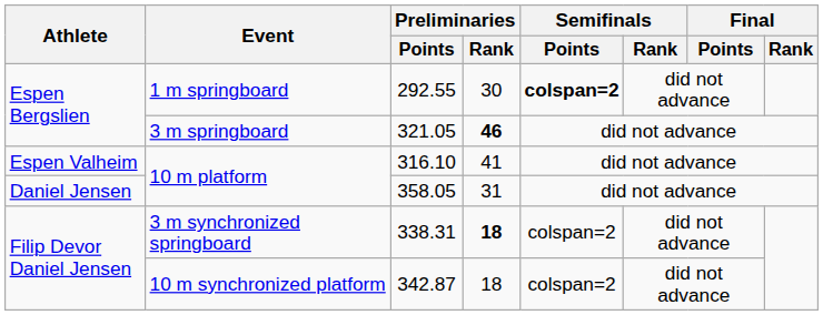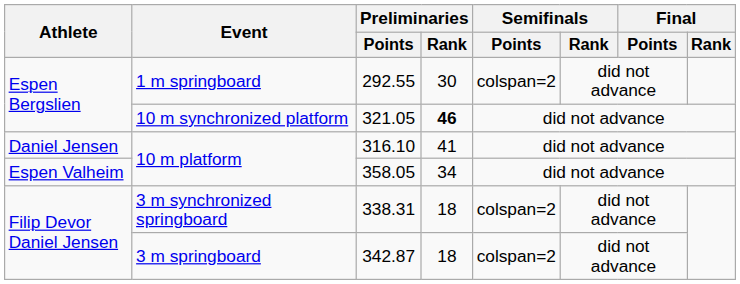 <table class=wikitable style="font-size:90%;">
 <tr>
 <th rowspan="2">Athlete</th>
 <th rowspan="2">Event</th>
 <th colspan="2">Preliminaries</th>
 <th colspan="2">Semifinals</th>
 <th colspan="2">Final</th>
 </tr>
 <tr style="font-size:95%">
 <th>Points</th>
 <th>Rank</th>
 <th>Points</th>
 <th>Rank</th>
 <th>Points</th>
 <th>Rank</th>
 </tr>
 <tr align=center>
 <td align=left rowspan=2><a href='#'>Espen Bergslien</a></td>
 <td align=left><a href='#'>1 m springboard</a></td>
 <td>292.55</td>
 <td>30</td>
-<td><strong>colspan=2 </strong></td>
+<td>colspan=2 </td>
 <td colspan=2>did not advance</td>
 </tr>
 <tr align=center>
-<td align=left><a href='#'>3 m springboard</a></td>
+<td align=left><a href='#'>10 m synchronized platform</a></td>
 <td>321.05</td>
 <td><strong>46</strong></td>
 <td colspan=4>did not advance</td>
 </tr>
 <tr align=center>
-<td align=left><a href='#'>Espen Valheim</a></td>
+<td align=left><a href='#'>Daniel Jensen</a></td>
 <td align=left rowspan=2><a href='#'>10 m platform</a></td>
 <td>316.10</td>
 <td>41</td>
 <td colspan=4>did not advance</td>
 </tr>
 <tr align=center>
-<td align=left><a href='#'>Daniel Jensen</a></td>
+<td align=left><a href='#'>Espen Valheim</a></td>
 <td>358.05</td>
-<td>31</td>
+<td>34</td>
 <td colspan=4>did not advance</td>
 </tr>
 <tr align=center>
 <td align=left rowspan=2><a href='#'>Filip Devor</a><br><a href='#'>Daniel Jensen</a></td>
 <td align=left><a href='#'>3 m synchronized springboard</a></td>
 <td>338.31</td>
-<td><strong>18</strong></td>
+<td>18</td>
 <td>colspan=2 </td>
 <td colspan=2>did not advance</td>
 </tr>
 <tr align=center>
-<td align=left><a href='#'>10 m synchronized platform</a></td>
+<td align=left><a href='#'>3 m springboard</a></td>
 <td>342.87</td>
 <td>18</td>
 <td>colspan=2 </td>
 <td colspan=2>did not advance</td>
 </tr>
 </table>
